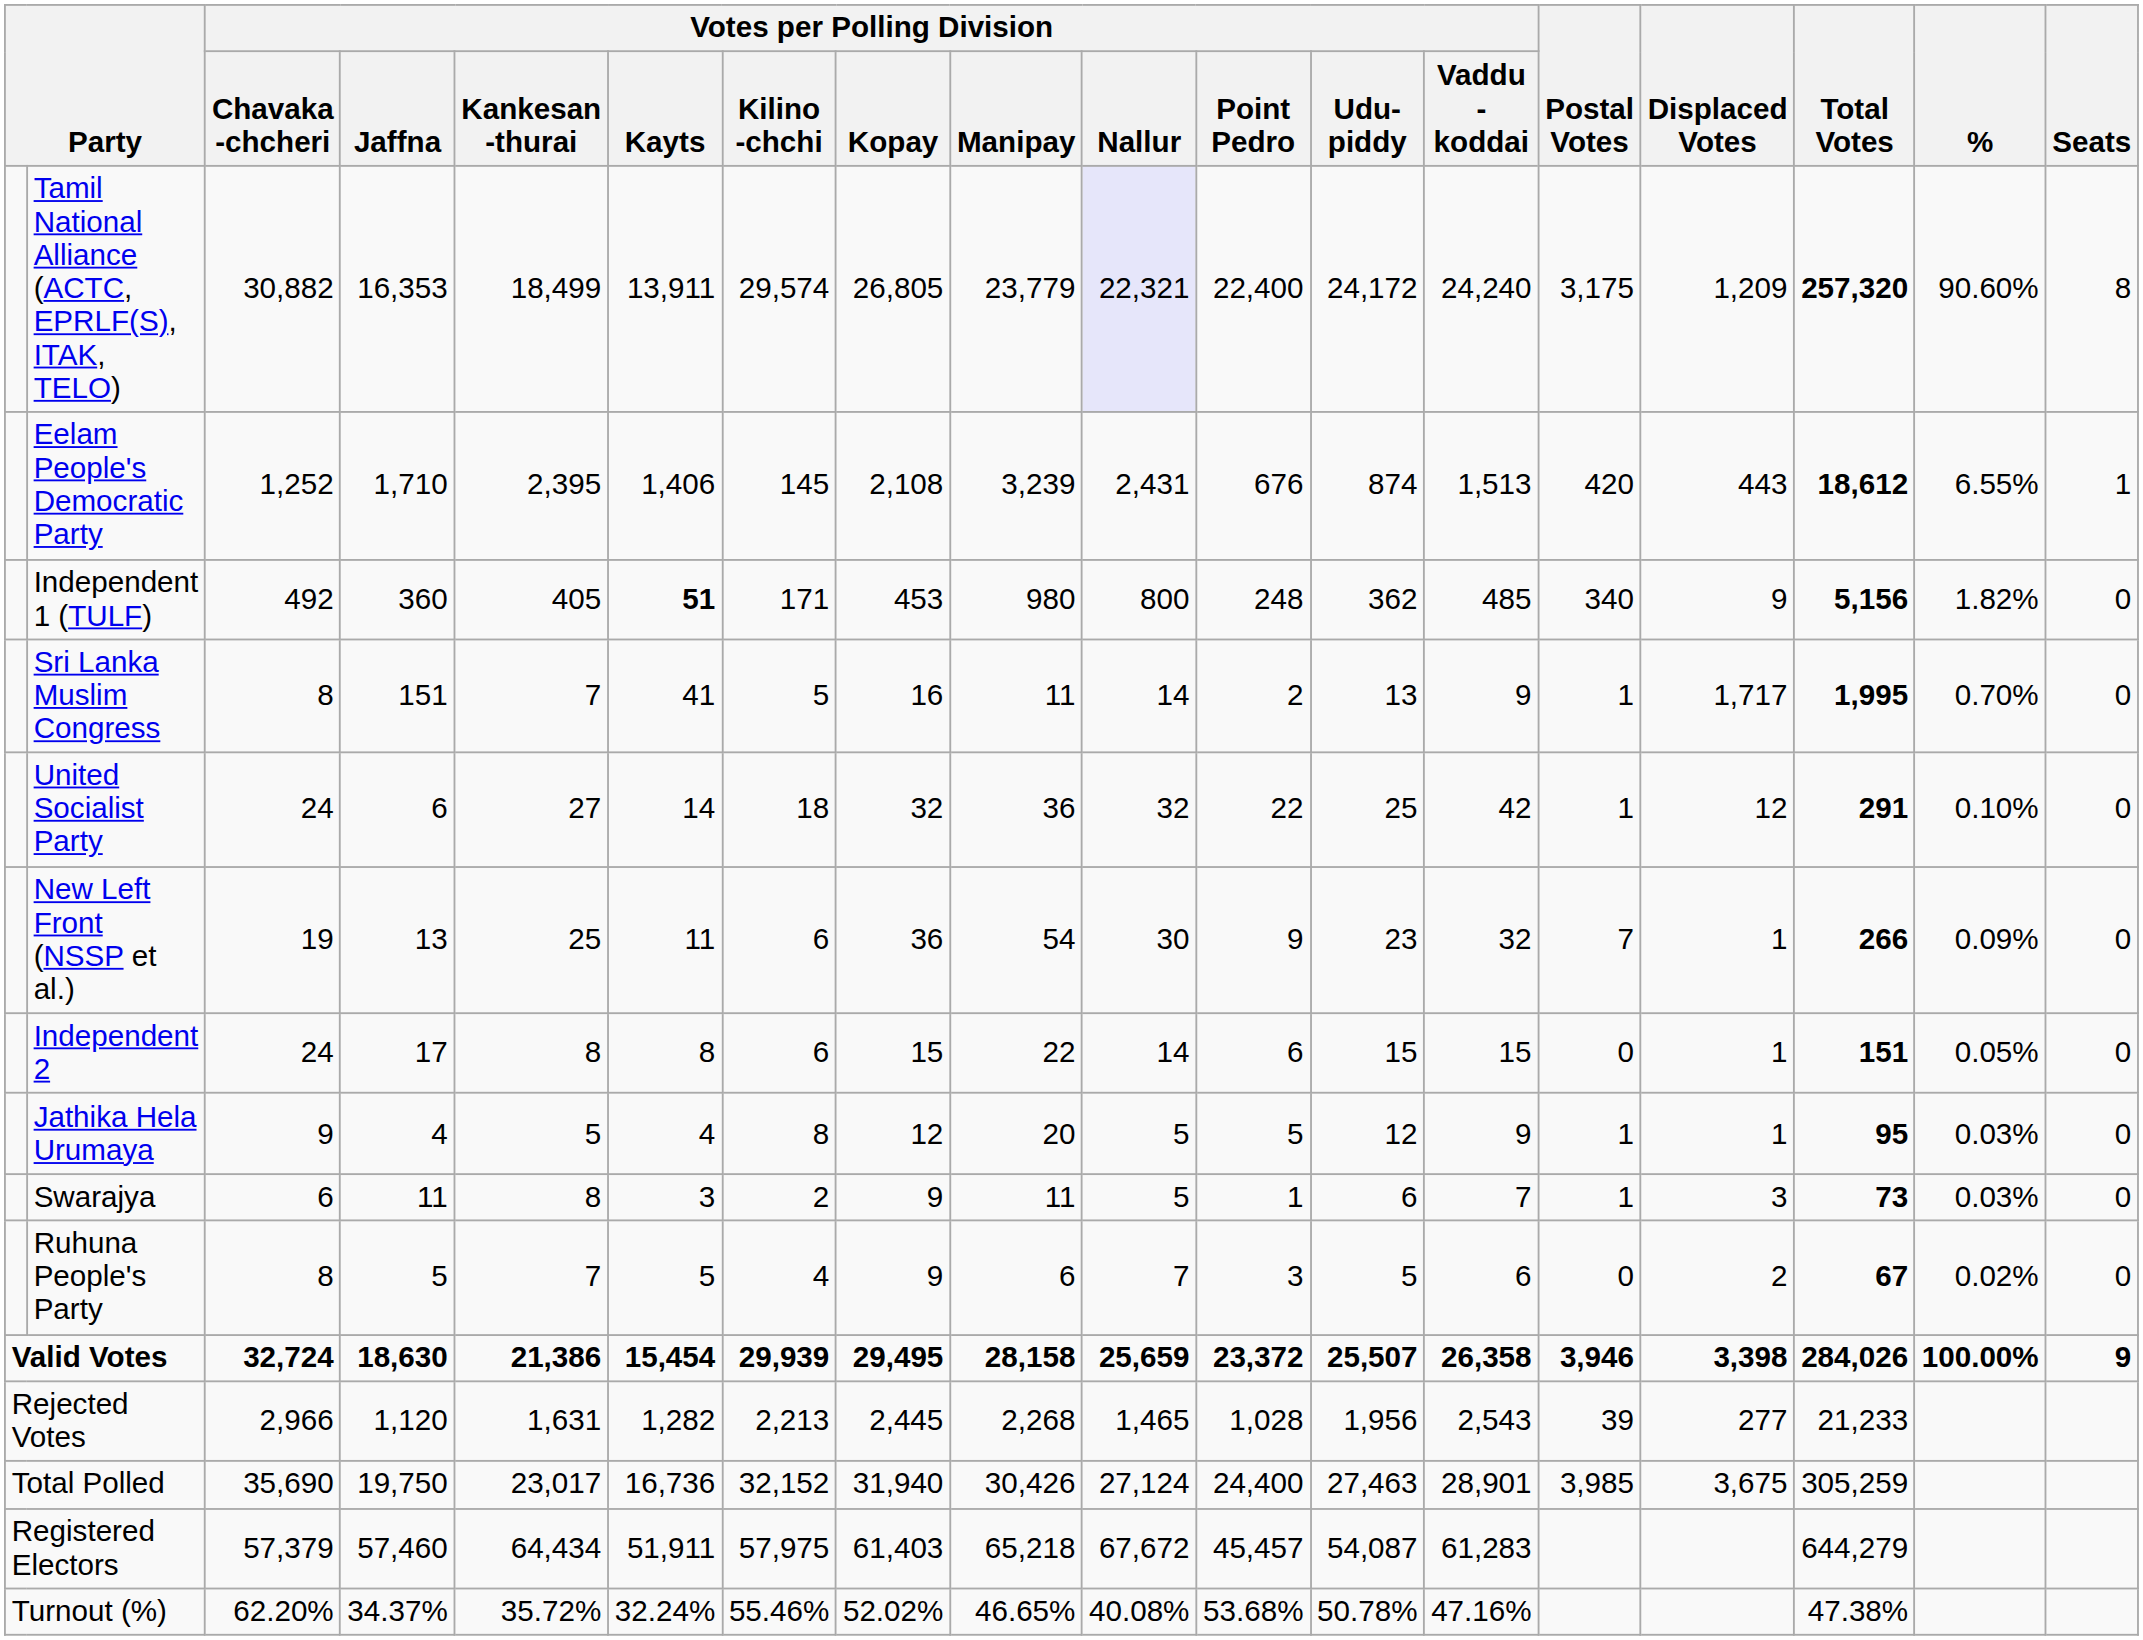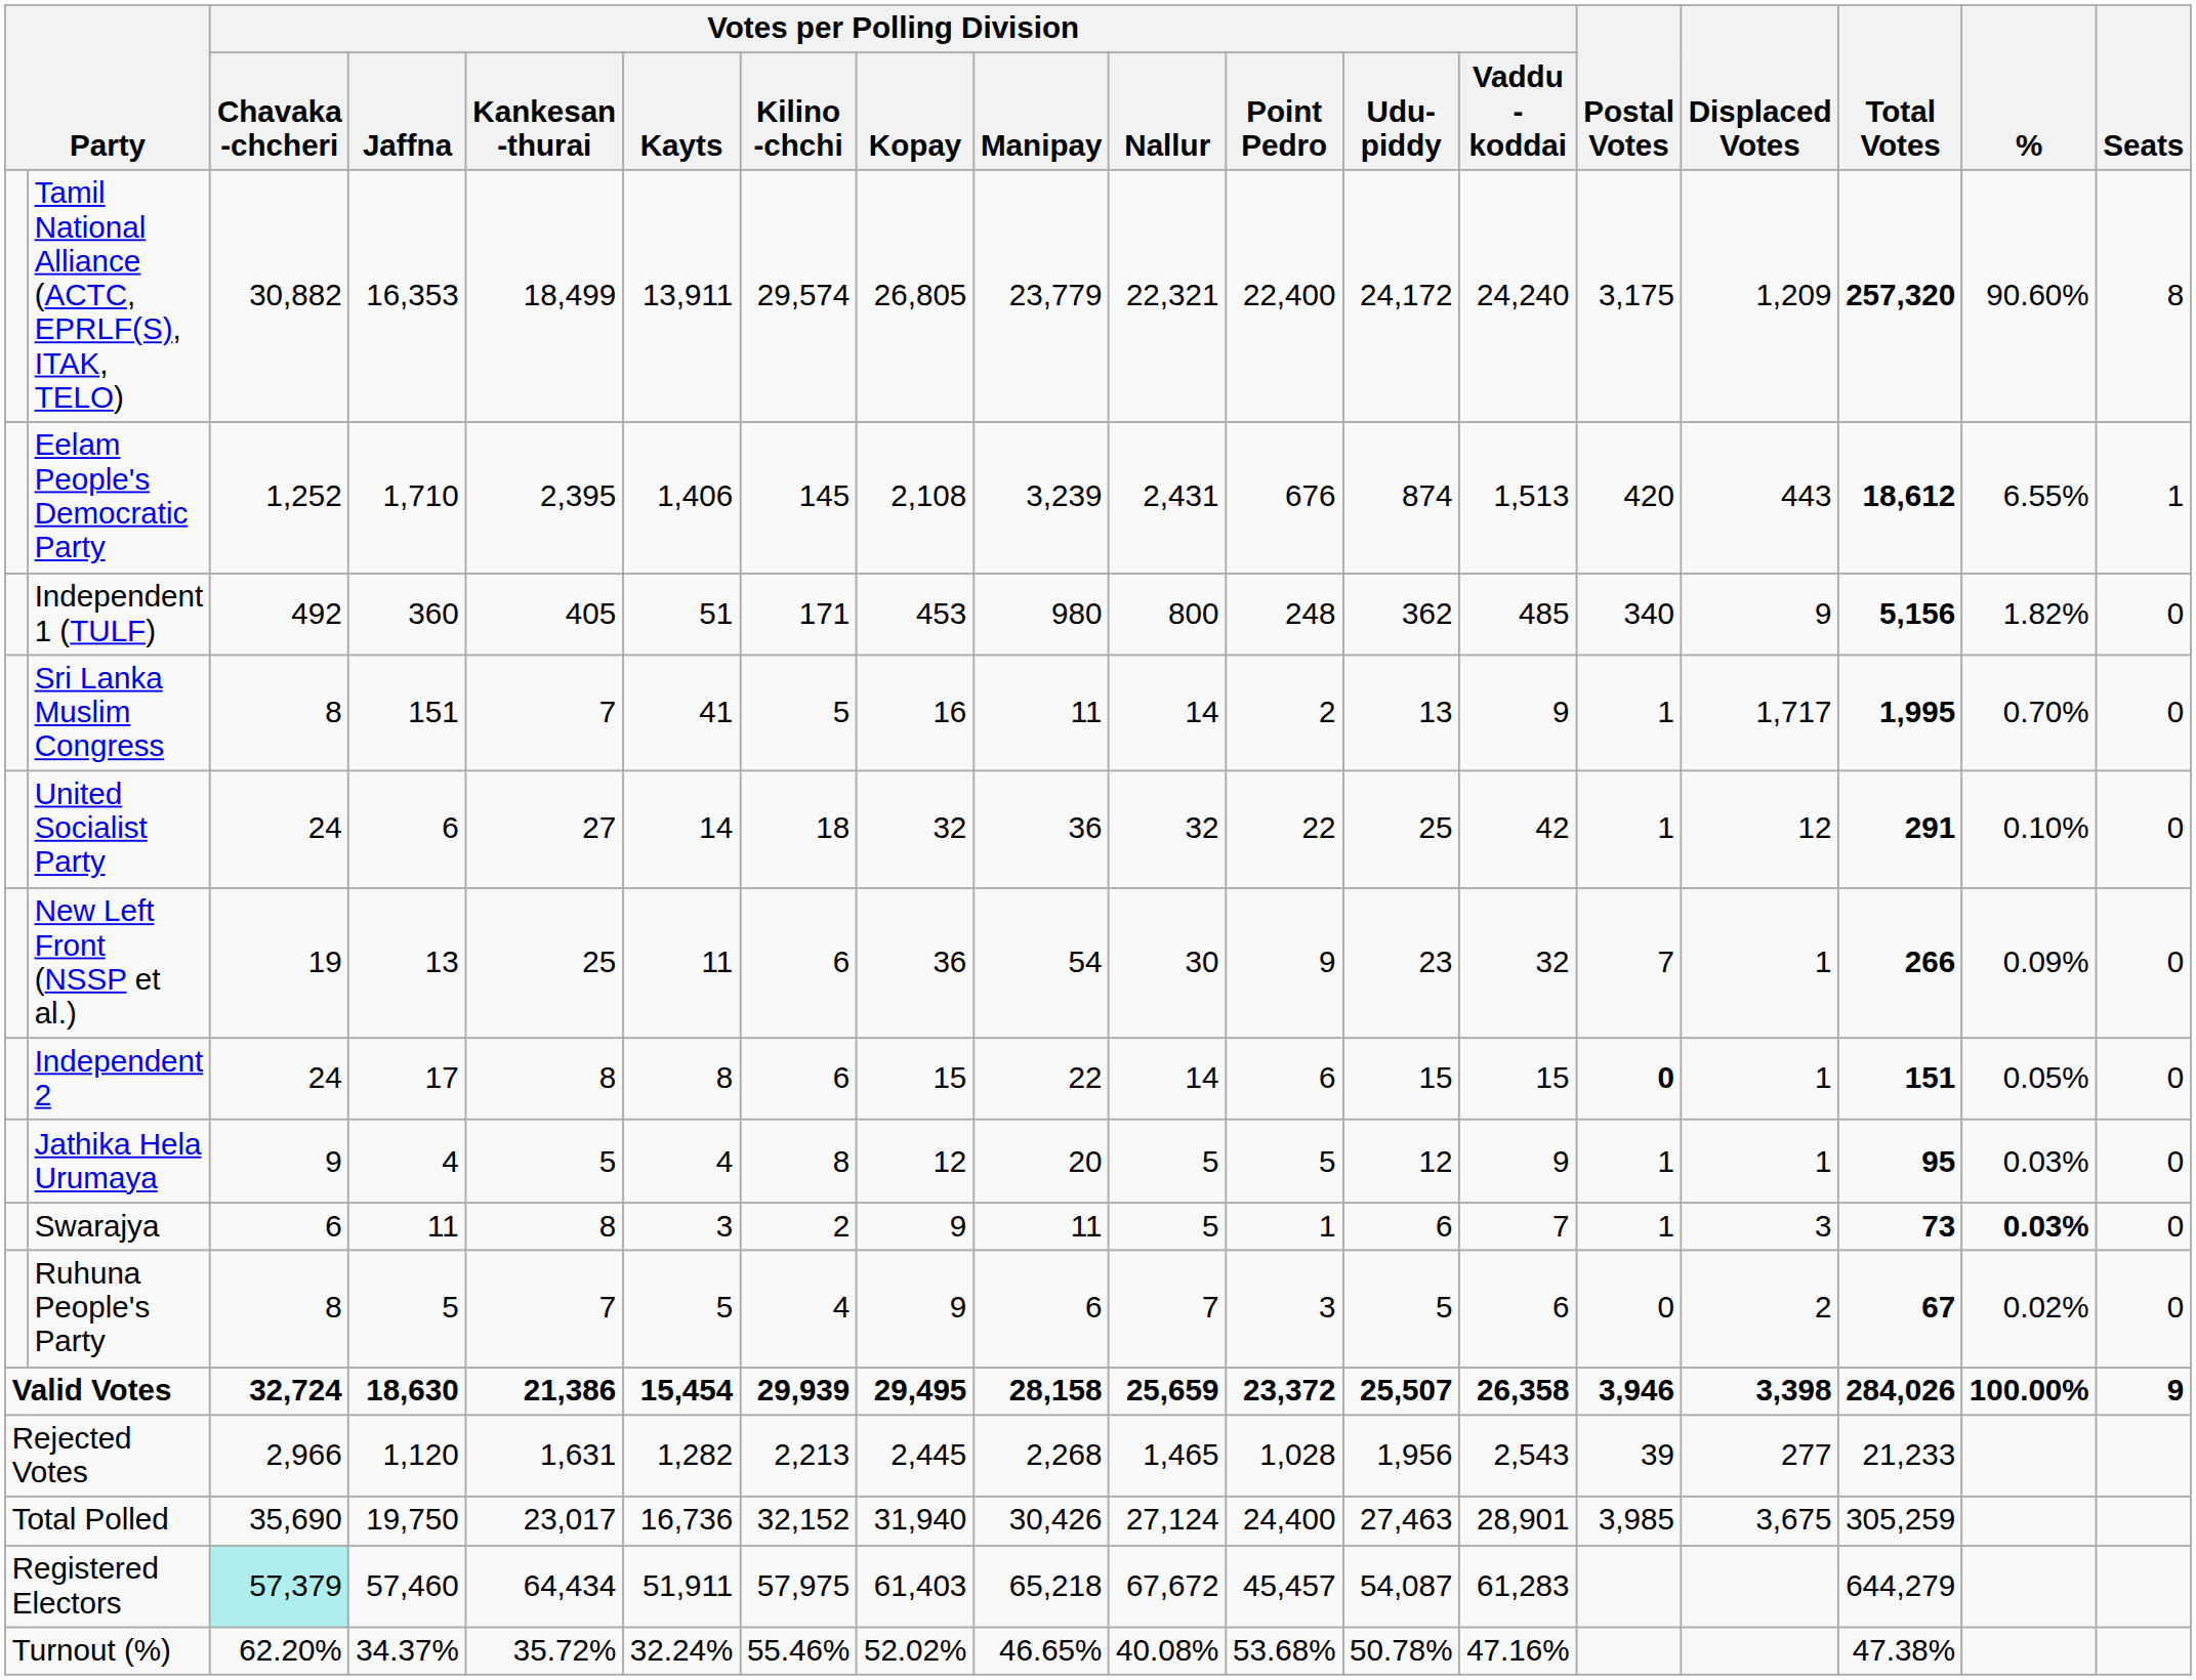 <table class="wikitable" border="1" style="text-align:right;">
 <tr>
 <th align=left valign=bottom rowspan=2 colspan=2>Party</th>
 <th colspan=11>Votes per Polling Division</th>
 <th align=center valign=bottom rowspan=2 width="50">Postal<br>Votes</th>
 <th align=center valign=bottom rowspan=2 width="50">Displaced<br>Votes</th>
 <th align=center valign=bottom rowspan=2 width="50">Total Votes</th>
 <th align=center valign=bottom rowspan=2 width="50">%</th>
 <th align=center valign=bottom rowspan=2 width="40">Seats</th>
 </tr>
 <tr>
 <th align=center valign=bottom width="50">Chavaka<br>-chcheri</th>
 <th align=center valign=bottom width="50">Jaffna</th>
 <th align=center valign=bottom width="50">Kankesan<br>-thurai</th>
 <th align=center valign=bottom width="50">Kayts</th>
 <th align=center valign=bottom width="50">Kilino<br>-chchi</th>
 <th align=center valign=bottom width="50">Kopay</th>
 <th align=center valign=bottom width="50">Manipay</th>
 <th align=center valign=bottom width="50">Nallur</th>
 <th align=center valign=bottom width="50">Point<br>Pedro</th>
 <th align=center valign=bottom width="50">Udu-<br>piddy</th>
 <th align=center valign=bottom width="50">Vaddu<br>-koddai</th>
 </tr>
 <tr>
 <td bgcolor=> </td>
 <td align=left><a href='#'>Tamil National Alliance</a><br>(<a href='#'>ACTC</a>, <a href='#'>EPRLF(S)</a>, <a href='#'>ITAK</a>, <a href='#'>TELO</a>)</td>
 <td>30,882</td>
 <td>16,353</td>
 <td>18,499</td>
 <td>13,911</td>
 <td>29,574</td>
 <td>26,805</td>
 <td>23,779</td>
-<td style="background: lavender;">22,321</td>
+<td>22,321</td>
 <td>22,400</td>
 <td>24,172</td>
 <td>24,240</td>
 <td>3,175</td>
 <td>1,209</td>
 <td><strong>257,320</strong></td>
 <td>90.60%</td>
 <td>8</td>
 </tr>
 <tr>
 <td bgcolor=> </td>
 <td align=left><a href='#'>Eelam People's Democratic Party</a></td>
 <td>1,252</td>
 <td>1,710</td>
 <td>2,395</td>
 <td>1,406</td>
 <td>145</td>
 <td>2,108</td>
 <td>3,239</td>
 <td>2,431</td>
 <td>676</td>
 <td>874</td>
 <td>1,513</td>
 <td>420</td>
 <td>443</td>
 <td><strong>18,612</strong></td>
 <td>6.55%</td>
 <td>1</td>
 </tr>
 <tr>
 <td bgcolor=> </td>
 <td align=left>Independent 1 (<a href='#'>TULF</a>)</td>
 <td>492</td>
 <td>360</td>
 <td>405</td>
-<td><strong>51</strong></td>
+<td>51</td>
 <td>171</td>
 <td>453</td>
 <td>980</td>
 <td>800</td>
 <td>248</td>
 <td>362</td>
 <td>485</td>
 <td>340</td>
 <td>9</td>
 <td><strong>5,156</strong></td>
 <td>1.82%</td>
 <td>0</td>
 </tr>
 <tr>
 <td bgcolor=> </td>
 <td align=left><a href='#'>Sri Lanka Muslim Congress</a></td>
 <td>8</td>
 <td>151</td>
 <td>7</td>
 <td>41</td>
 <td>5</td>
 <td>16</td>
 <td>11</td>
 <td>14</td>
 <td>2</td>
 <td>13</td>
 <td>9</td>
 <td>1</td>
 <td>1,717</td>
 <td><strong>1,995</strong></td>
 <td>0.70%</td>
 <td>0</td>
 </tr>
 <tr>
 <td bgcolor=> </td>
 <td align=left><a href='#'>United Socialist Party</a></td>
 <td>24</td>
 <td>6</td>
 <td>27</td>
 <td>14</td>
 <td>18</td>
 <td>32</td>
 <td>36</td>
 <td>32</td>
 <td>22</td>
 <td>25</td>
 <td>42</td>
 <td>1</td>
 <td>12</td>
 <td><strong>291</strong></td>
 <td>0.10%</td>
 <td>0</td>
 </tr>
 <tr>
 <td bgcolor=> </td>
 <td align=left><a href='#'>New Left Front</a> (<a href='#'>NSSP</a> et al.)</td>
 <td>19</td>
 <td>13</td>
 <td>25</td>
 <td>11</td>
 <td>6</td>
 <td>36</td>
 <td>54</td>
 <td>30</td>
 <td>9</td>
 <td>23</td>
 <td>32</td>
 <td>7</td>
 <td>1</td>
 <td><strong>266</strong></td>
 <td>0.09%</td>
 <td>0</td>
 </tr>
 <tr>
 <td bgcolor=> </td>
 <td align=left><a href='#'>Independent 2</a></td>
 <td>24</td>
 <td>17</td>
 <td>8</td>
 <td>8</td>
 <td>6</td>
 <td>15</td>
 <td>22</td>
 <td>14</td>
 <td>6</td>
 <td>15</td>
 <td>15</td>
-<td>0</td>
+<td><strong>0</strong></td>
 <td>1</td>
 <td><strong>151</strong></td>
 <td>0.05%</td>
 <td>0</td>
 </tr>
 <tr>
 <td bgcolor=> </td>
 <td align=left><a href='#'>Jathika Hela Urumaya</a></td>
 <td>9</td>
 <td>4</td>
 <td>5</td>
 <td>4</td>
 <td>8</td>
 <td>12</td>
 <td>20</td>
 <td>5</td>
 <td>5</td>
 <td>12</td>
 <td>9</td>
 <td>1</td>
 <td>1</td>
 <td><strong>95</strong></td>
 <td>0.03%</td>
 <td>0</td>
 </tr>
 <tr>
 <td></td>
 <td align=left>Swarajya</td>
 <td>6</td>
 <td>11</td>
 <td>8</td>
 <td>3</td>
 <td>2</td>
 <td>9</td>
 <td>11</td>
 <td>5</td>
 <td>1</td>
 <td>6</td>
 <td>7</td>
 <td>1</td>
 <td>3</td>
 <td><strong>73</strong></td>
-<td>0.03%</td>
+<td><strong>0.03%</strong></td>
 <td>0</td>
 </tr>
 <tr>
 <td></td>
 <td align=left>Ruhuna People's Party</td>
 <td>8</td>
 <td>5</td>
 <td>7</td>
 <td>5</td>
 <td>4</td>
 <td>9</td>
 <td>6</td>
 <td>7</td>
 <td>3</td>
 <td>5</td>
 <td>6</td>
 <td>0</td>
 <td>2</td>
 <td><strong>67</strong></td>
 <td>0.02%</td>
 <td>0</td>
 </tr>
 <tr>
 <td align=left colspan=2><strong>Valid Votes</strong></td>
 <td><strong>32,724</strong></td>
 <td><strong>18,630</strong></td>
 <td><strong>21,386</strong></td>
 <td><strong>15,454</strong></td>
 <td><strong>29,939</strong></td>
 <td><strong>29,495</strong></td>
 <td><strong>28,158</strong></td>
 <td><strong>25,659</strong></td>
 <td><strong>23,372</strong></td>
 <td><strong>25,507</strong></td>
 <td><strong>26,358</strong></td>
 <td><strong>3,946</strong></td>
 <td><strong>3,398</strong></td>
 <td><strong>284,026</strong></td>
 <td><strong>100.00%</strong></td>
 <td><strong>9</strong></td>
 </tr>
 <tr>
 <td align=left colspan=2>Rejected Votes</td>
 <td>2,966</td>
 <td>1,120</td>
 <td>1,631</td>
 <td>1,282</td>
 <td>2,213</td>
 <td>2,445</td>
 <td>2,268</td>
 <td>1,465</td>
 <td>1,028</td>
 <td>1,956</td>
 <td>2,543</td>
 <td>39</td>
 <td>277</td>
 <td>21,233</td>
 <td></td>
 <td></td>
 </tr>
 <tr>
 <td align=left colspan=2>Total Polled</td>
 <td>35,690</td>
 <td>19,750</td>
 <td>23,017</td>
 <td>16,736</td>
 <td>32,152</td>
 <td>31,940</td>
 <td>30,426</td>
 <td>27,124</td>
 <td>24,400</td>
 <td>27,463</td>
 <td>28,901</td>
 <td>3,985</td>
 <td>3,675</td>
 <td>305,259</td>
 <td></td>
 <td></td>
 </tr>
 <tr>
 <td align=left colspan=2>Registered Electors</td>
-<td>57,379</td>
+<td style="background: paleturquoise;">57,379</td>
 <td>57,460</td>
 <td>64,434</td>
 <td>51,911</td>
 <td>57,975</td>
 <td>61,403</td>
 <td>65,218</td>
 <td>67,672</td>
 <td>45,457</td>
 <td>54,087</td>
 <td>61,283</td>
 <td></td>
 <td></td>
 <td>644,279</td>
 <td></td>
 <td></td>
 </tr>
 <tr>
 <td align=left colspan=2>Turnout (%)</td>
 <td>62.20%</td>
 <td>34.37%</td>
 <td>35.72%</td>
 <td>32.24%</td>
 <td>55.46%</td>
 <td>52.02%</td>
 <td>46.65%</td>
 <td>40.08%</td>
 <td>53.68%</td>
 <td>50.78%</td>
 <td>47.16%</td>
 <td></td>
 <td></td>
 <td>47.38%</td>
 <td></td>
 <td></td>
 </tr>
 </table>
